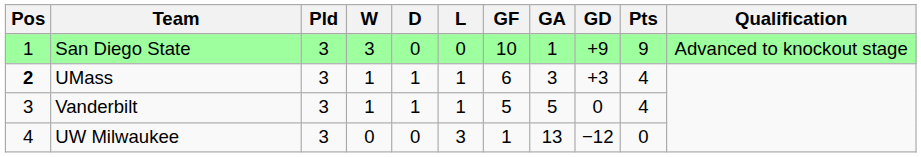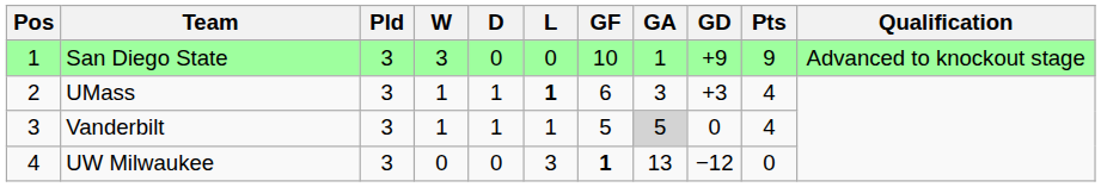 <table class="wikitable" style="text-align:center; margin: 1em auto">
 <tr>
 <th style="width:2em">Pos</th>
 <th style="width:13em">Team</th>
 <th style="width:2em">Pld</th>
 <th style="width:2em">W</th>
 <th style="width:2em">D</th>
 <th style="width:2em">L</th>
 <th style="width:2em">GF</th>
 <th style="width:2em">GA</th>
 <th style="width:2em">GD</th>
 <th style="width:2em">Pts</th>
 <th style="width:13em">Qualification</th>
 </tr>
 <tr bgcolor="#9eff9e">
 <td>1</td>
 <td style="text-align:left">San Diego State</td>
 <td>3</td>
 <td>3</td>
 <td>0</td>
 <td>0</td>
 <td>10</td>
 <td>1</td>
 <td>+9</td>
 <td>9</td>
 <td>Advanced to knockout stage</td>
 </tr>
 <tr>
-<td><strong>2</strong></td>
+<td>2</td>
 <td style="text-align:left">UMass</td>
 <td>3</td>
 <td>1</td>
 <td>1</td>
-<td>1</td>
+<td><strong>1</strong></td>
 <td>6</td>
 <td>3</td>
 <td>+3</td>
 <td>4</td>
 </tr>
 <tr>
 <td>3</td>
 <td style="text-align:left">Vanderbilt</td>
 <td>3</td>
 <td>1</td>
 <td>1</td>
 <td>1</td>
 <td>5</td>
-<td>5</td>
+<td style="background: lightgrey;">5</td>
 <td>0</td>
 <td>4</td>
 </tr>
 <tr>
 <td>4</td>
 <td style="text-align:left">UW Milwaukee</td>
 <td>3</td>
 <td>0</td>
 <td>0</td>
 <td>3</td>
-<td>1</td>
+<td><strong>1</strong></td>
 <td>13</td>
 <td>−12</td>
 <td>0</td>
 </tr>
 </table>
